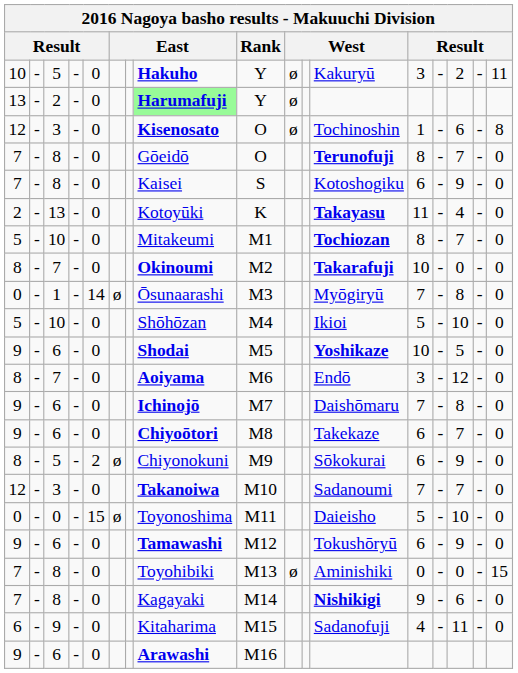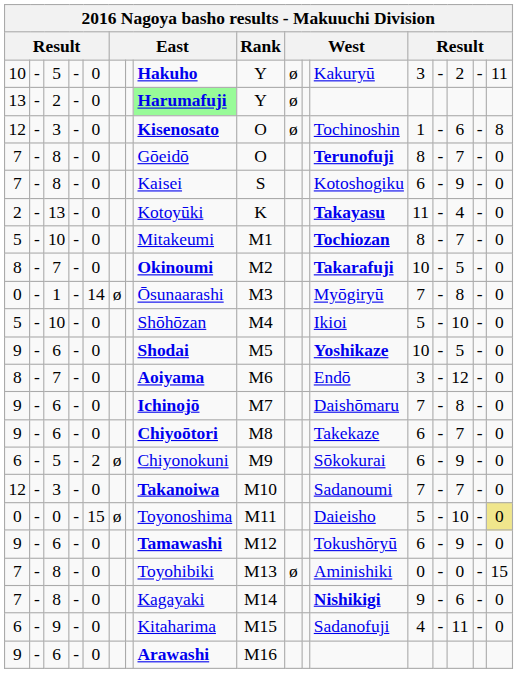 <table class="wikitable">
 <tr>
 <th colspan="17">2016 Nagoya basho results - Makuuchi Division</th>
 </tr>
 <tr>
 <th colspan="5">Result</th>
 <th colspan="3">East</th>
 <th>Rank</th>
 <th colspan="3">West</th>
 <th colspan="5">Result</th>
 </tr>
 <tr>
 <td align=center>10</td>
 <td align=center>-</td>
 <td align=center>5</td>
 <td align=center>-</td>
 <td align=center>0</td>
 <td align=center></td>
 <td align=center></td>
 <td><strong><a href='#'>Hakuho</a></strong></td>
 <td align=center>Y</td>
 <td align=center>ø</td>
 <td align=center></td>
 <td><a href='#'>Kakuryū</a></td>
 <td align=center>3</td>
 <td align=center>-</td>
 <td align=center>2</td>
 <td align=center>-</td>
 <td align=center>11</td>
 </tr>
 <tr>
 <td align=center>13</td>
 <td align=center>-</td>
 <td align=center>2</td>
 <td align=center>-</td>
 <td align=center>0</td>
 <td align=center></td>
 <td align=center></td>
 <td style="background: PaleGreen;"><strong><a href='#'>Harumafuji</a></strong></td>
 <td align=center>Y</td>
 <td align=center>ø</td>
 <td align=center></td>
 <td></td>
 <td align=center></td>
 <td align=center></td>
 <td align=center></td>
 <td align=center></td>
 <td align=center></td>
 </tr>
 <tr>
 <td align=center>12</td>
 <td align=center>-</td>
 <td align=center>3</td>
 <td align=center>-</td>
 <td align=center>0</td>
 <td align=center></td>
 <td align=center></td>
 <td><strong><a href='#'>Kisenosato</a></strong></td>
 <td align=center>O</td>
 <td align=center>ø</td>
 <td align=center></td>
 <td><a href='#'>Tochinoshin</a></td>
 <td align=center>1</td>
 <td align=center>-</td>
 <td align=center>6</td>
 <td align=center>-</td>
 <td align=center>8</td>
 </tr>
 <tr>
 <td align=center>7</td>
 <td align=center>-</td>
 <td align=center>8</td>
 <td align=center>-</td>
 <td align=center>0</td>
 <td align=center></td>
 <td align=center></td>
 <td><a href='#'>Gōeidō</a></td>
 <td align=center>O</td>
 <td align=center></td>
 <td align=center></td>
 <td><strong><a href='#'>Terunofuji</a></strong></td>
 <td align=center>8</td>
 <td align=center>-</td>
 <td align=center>7</td>
 <td align=center>-</td>
 <td align=center>0</td>
 </tr>
 <tr>
 <td align=center>7</td>
 <td align=center>-</td>
 <td align=center>8</td>
 <td align=center>-</td>
 <td align=center>0</td>
 <td align=center></td>
 <td align=center></td>
 <td><a href='#'>Kaisei</a></td>
 <td align=center>S</td>
 <td align=center></td>
 <td align=center></td>
 <td><a href='#'>Kotoshogiku</a></td>
 <td align=center>6</td>
 <td align=center>-</td>
 <td align=center>9</td>
 <td align=center>-</td>
 <td align=center>0</td>
 </tr>
 <tr>
 <td align=center>2</td>
 <td align=center>-</td>
 <td align=center>13</td>
 <td align=center>-</td>
 <td align=center>0</td>
 <td align=center></td>
 <td align=center></td>
 <td><a href='#'>Kotoyūki</a></td>
 <td align=center>K</td>
 <td align=center></td>
 <td align=center></td>
 <td><strong><a href='#'>Takayasu</a></strong></td>
 <td align=center>11</td>
 <td align=center>-</td>
 <td align=center>4</td>
 <td align=center>-</td>
 <td align=center>0</td>
 </tr>
 <tr>
 <td align=center>5</td>
 <td align=center>-</td>
 <td align=center>10</td>
 <td align=center>-</td>
 <td align=center>0</td>
 <td align=center></td>
 <td align=center></td>
 <td><a href='#'>Mitakeumi</a></td>
 <td align=center>M1</td>
 <td align=center></td>
 <td align=center></td>
 <td><strong><a href='#'>Tochiozan</a></strong></td>
 <td align=center>8</td>
 <td align=center>-</td>
 <td align=center>7</td>
 <td align=center>-</td>
 <td align=center>0</td>
 </tr>
 <tr>
 <td align=center>8</td>
 <td align=center>-</td>
 <td align=center>7</td>
 <td align=center>-</td>
 <td align=center>0</td>
 <td align=center></td>
 <td align=center></td>
 <td><strong><a href='#'>Okinoumi</a></strong></td>
 <td align=center>M2</td>
 <td align=center></td>
 <td align=center></td>
 <td><strong><a href='#'>Takarafuji</a></strong></td>
 <td align=center>10</td>
 <td align=center>-</td>
-<td align=center>0</td>
+<td align=center>5</td>
 <td align=center>-</td>
 <td align=center>0</td>
 </tr>
 <tr>
 <td align=center>0</td>
 <td align=center>-</td>
 <td align=center>1</td>
 <td align=center>-</td>
 <td align=center>14</td>
 <td align=center>ø</td>
 <td align=center></td>
 <td><a href='#'>Ōsunaarashi</a></td>
 <td align=center>M3</td>
 <td align=center></td>
 <td align=center></td>
 <td><a href='#'>Myōgiryū</a></td>
 <td align=center>7</td>
 <td align=center>-</td>
 <td align=center>8</td>
 <td align=center>-</td>
 <td align=center>0</td>
 </tr>
 <tr>
 <td align=center>5</td>
 <td align=center>-</td>
 <td align=center>10</td>
 <td align=center>-</td>
 <td align=center>0</td>
 <td align=center></td>
 <td align=center></td>
 <td><a href='#'>Shōhōzan</a></td>
 <td align=center>M4</td>
 <td align=center></td>
 <td align=center></td>
 <td><a href='#'>Ikioi</a></td>
 <td align=center>5</td>
 <td align=center>-</td>
 <td align=center>10</td>
 <td align=center>-</td>
 <td align=center>0</td>
 </tr>
 <tr>
 <td align=center>9</td>
 <td align=center>-</td>
 <td align=center>6</td>
 <td align=center>-</td>
 <td align=center>0</td>
 <td align=center></td>
 <td align=center></td>
 <td><strong><a href='#'>Shodai</a></strong></td>
 <td align=center>M5</td>
 <td align=center></td>
 <td align=center></td>
 <td><strong><a href='#'>Yoshikaze</a></strong></td>
 <td align=center>10</td>
 <td align=center>-</td>
 <td align=center>5</td>
 <td align=center>-</td>
 <td align=center>0</td>
 </tr>
 <tr>
 <td align=center>8</td>
 <td align=center>-</td>
 <td align=center>7</td>
 <td align=center>-</td>
 <td align=center>0</td>
 <td align=center></td>
 <td align=center></td>
 <td><strong><a href='#'>Aoiyama</a></strong></td>
 <td align=center>M6</td>
 <td align=center></td>
 <td align=center></td>
 <td><a href='#'>Endō</a></td>
 <td align=center>3</td>
 <td align=center>-</td>
 <td align=center>12</td>
 <td align=center>-</td>
 <td align=center>0</td>
 </tr>
 <tr>
 <td align=center>9</td>
 <td align=center>-</td>
 <td align=center>6</td>
 <td align=center>-</td>
 <td align=center>0</td>
 <td align=center></td>
 <td align=center></td>
 <td><strong><a href='#'>Ichinojō</a></strong></td>
 <td align=center>M7</td>
 <td align=center></td>
 <td align=center></td>
 <td><a href='#'>Daishōmaru</a></td>
 <td align=center>7</td>
 <td align=center>-</td>
 <td align=center>8</td>
 <td align=center>-</td>
 <td align=center>0</td>
 </tr>
 <tr>
 <td align=center>9</td>
 <td align=center>-</td>
 <td align=center>6</td>
 <td align=center>-</td>
 <td align=center>0</td>
 <td align=center></td>
 <td align=center></td>
 <td><strong><a href='#'>Chiyoōtori</a></strong></td>
 <td align=center>M8</td>
 <td align=center></td>
 <td align=center></td>
 <td><a href='#'>Takekaze</a></td>
 <td align=center>6</td>
 <td align=center>-</td>
 <td align=center>7</td>
 <td align=center>-</td>
 <td align=center>0</td>
 </tr>
 <tr>
-<td align=center>8</td>
+<td align=center>6</td>
 <td align=center>-</td>
 <td align=center>5</td>
 <td align=center>-</td>
 <td align=center>2</td>
 <td align=center>ø</td>
 <td align=center></td>
 <td><a href='#'>Chiyonokuni</a></td>
 <td align=center>M9</td>
 <td align=center></td>
 <td align=center></td>
 <td><a href='#'>Sōkokurai</a></td>
 <td align=center>6</td>
 <td align=center>-</td>
 <td align=center>9</td>
 <td align=center>-</td>
 <td align=center>0</td>
 </tr>
 <tr>
 <td align=center>12</td>
 <td align=center>-</td>
 <td align=center>3</td>
 <td align=center>-</td>
 <td align=center>0</td>
 <td align=center></td>
 <td align=center></td>
 <td><strong><a href='#'>Takanoiwa</a></strong></td>
 <td align=center>M10</td>
 <td align=center></td>
 <td align=center></td>
 <td><a href='#'>Sadanoumi</a></td>
 <td align=center>7</td>
 <td align=center>-</td>
 <td align=center>7</td>
 <td align=center>-</td>
 <td align=center>0</td>
 </tr>
 <tr>
 <td align=center>0</td>
 <td align=center>-</td>
 <td align=center>0</td>
 <td align=center>-</td>
 <td align=center>15</td>
 <td align=center>ø</td>
 <td align=center></td>
 <td><a href='#'>Toyonoshima</a></td>
 <td align=center>M11</td>
 <td align=center></td>
 <td align=center></td>
 <td><a href='#'>Daieisho</a></td>
 <td align=center>5</td>
 <td align=center>-</td>
 <td align=center>10</td>
 <td align=center>-</td>
-<td align=center>0</td>
+<td align=center style="background: khaki;">0</td>
 </tr>
 <tr>
 <td align=center>9</td>
 <td align=center>-</td>
 <td align=center>6</td>
 <td align=center>-</td>
 <td align=center>0</td>
 <td align=center></td>
 <td align=center></td>
 <td><strong><a href='#'>Tamawashi</a></strong></td>
 <td align=center>M12</td>
 <td align=center></td>
 <td align=center></td>
 <td><a href='#'>Tokushōryū</a></td>
 <td align=center>6</td>
 <td align=center>-</td>
 <td align=center>9</td>
 <td align=center>-</td>
 <td align=center>0</td>
 </tr>
 <tr>
 <td align=center>7</td>
 <td align=center>-</td>
 <td align=center>8</td>
 <td align=center>-</td>
 <td align=center>0</td>
 <td align=center></td>
 <td align=center></td>
 <td><a href='#'>Toyohibiki</a></td>
 <td align=center>M13</td>
 <td align=center>ø</td>
 <td align=center></td>
 <td><a href='#'>Aminishiki</a></td>
 <td align=center>0</td>
 <td align=center>-</td>
 <td align=center>0</td>
 <td align=center>-</td>
 <td align=center>15</td>
 </tr>
 <tr>
 <td align=center>7</td>
 <td align=center>-</td>
 <td align=center>8</td>
 <td align=center>-</td>
 <td align=center>0</td>
 <td align=center></td>
 <td align=center></td>
 <td><a href='#'>Kagayaki</a></td>
 <td align=center>M14</td>
 <td align=center></td>
 <td align=center></td>
 <td><strong><a href='#'>Nishikigi</a></strong></td>
 <td align=center>9</td>
 <td align=center>-</td>
 <td align=center>6</td>
 <td align=center>-</td>
 <td align=center>0</td>
 </tr>
 <tr>
 <td align=center>6</td>
 <td align=center>-</td>
 <td align=center>9</td>
 <td align=center>-</td>
 <td align=center>0</td>
 <td align=center></td>
 <td align=center></td>
 <td><a href='#'>Kitaharima</a></td>
 <td align=center>M15</td>
 <td align=center></td>
 <td align=center></td>
 <td><a href='#'>Sadanofuji</a></td>
 <td align=center>4</td>
 <td align=center>-</td>
 <td align=center>11</td>
 <td align=center>-</td>
 <td align=center>0</td>
 </tr>
 <tr>
 <td align=center>9</td>
 <td align=center>-</td>
 <td align=center>6</td>
 <td align=center>-</td>
 <td align=center>0</td>
 <td align=center></td>
 <td align=center></td>
 <td><strong><a href='#'>Arawashi</a></strong></td>
 <td align=center>M16</td>
 <td align=center></td>
 <td align=center></td>
 <td></td>
 <td align=center></td>
 <td align=center></td>
 <td align=center></td>
 <td align=center></td>
 <td align=center></td>
 </tr>
 </table>
